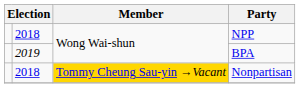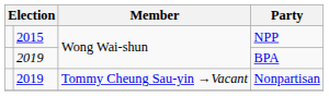 <table class="wikitable">
 <tr>
 <th colspan="2">Election</th>
 <th>Member</th>
 <th>Party</th>
 </tr>
 <tr>
 <td style="background-color:"></td>
-<td><a href='#'>2018</a></td>
+<td><a href='#'>2015</a></td>
 <td rowspan=2>Wong Wai-shun</td>
 <td><a href='#'>NPP</a></td>
 </tr>
 <tr>
 <td style="background-color:"></td>
 <td><em>2019</em></td>
 <td><a href='#'>BPA</a></td>
 </tr>
 <tr>
 <td style="background-color:"></td>
-<td><a href='#'>2018</a></td>
-<td style="background: gold;"><a href='#'>Tommy Cheung Sau-yin</a> →<em>Vacant</em></td>
+<td><a href='#'>2019</a></td>
+<td><a href='#'>Tommy Cheung Sau-yin</a> →<em>Vacant</em></td>
 <td><a href='#'>Nonpartisan</a></td>
 </tr>
 <tr>
 </tr>
 </table>
